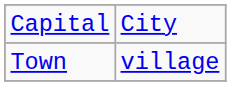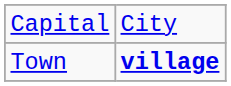 <table class="wikitable">
 <tr>
 <td> <a href='#'>Capital</a></td>
 <td> <a href='#'>City</a></td>
 </tr>
 <tr>
 <td> <a href='#'>Town</a></td>
-<td> <a href='#'>village</a></td>
+<td><strong> <a href='#'>village</a></strong></td>
 </tr>
 </table>
